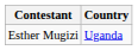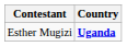 <table class="wikitable">
 <tr>
 <th>Contestant</th>
 <th>Country</th>
 </tr>
 <tr>
 <td>Esther Mugizi</td>
-<td><a href='#'>Uganda</a></td>
+<td><strong><a href='#'>Uganda</a></strong></td>
 </tr>
 </table>
